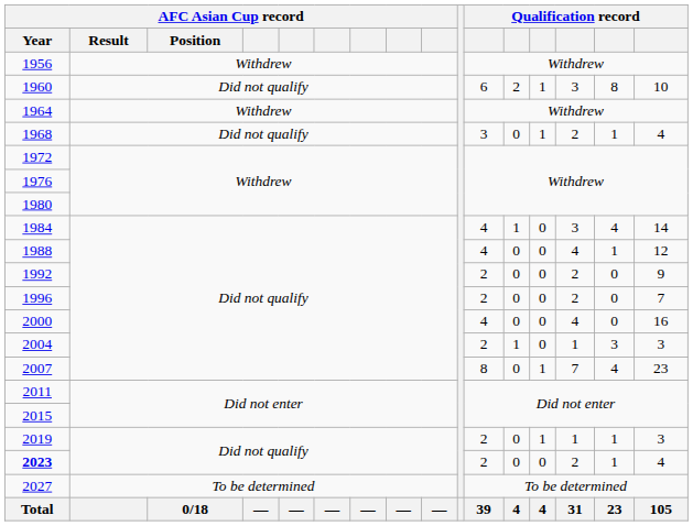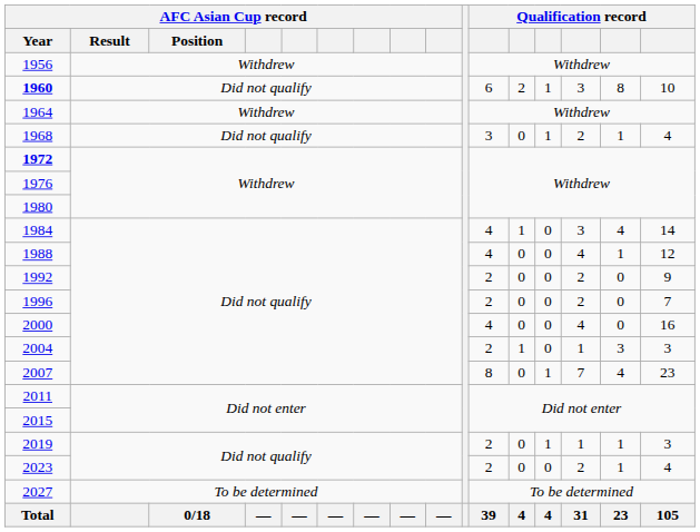 <table class="wikitable" style="text-align: center">
 <tr>
 <th colspan="9"><a href='#'>AFC Asian Cup</a> record</th>
 <th rowspan="21" style="width:1%;"></th>
 <th colspan="6"><a href='#'>Qualification</a> record</th>
 </tr>
 <tr>
 <th>Year</th>
 <th>Result</th>
 <th>Position</th>
 <th></th>
 <th></th>
 <th></th>
 <th></th>
 <th></th>
 <th></th>
 <th></th>
 <th></th>
 <th></th>
 <th></th>
 <th></th>
 <th></th>
 </tr>
 <tr>
 <td> <a href='#'>1956</a></td>
 <td colspan="8"><em>Withdrew</em></td>
 <td colspan="6"><em>Withdrew</em></td>
 </tr>
 <tr>
-<td> <a href='#'>1960</a></td>
+<td><strong> <a href='#'>1960</a></strong></td>
 <td colspan="8"><em>Did not qualify</em></td>
 <td>6</td>
 <td>2</td>
 <td>1</td>
 <td>3</td>
 <td>8</td>
 <td>10</td>
 </tr>
 <tr>
 <td> <a href='#'>1964</a></td>
 <td colspan="8"><em>Withdrew</em></td>
 <td colspan="6"><em>Withdrew</em></td>
 </tr>
 <tr>
 <td> <a href='#'>1968</a></td>
 <td colspan="8"><em>Did not qualify</em></td>
 <td>3</td>
 <td>0</td>
 <td>1</td>
 <td>2</td>
 <td>1</td>
 <td>4</td>
 </tr>
 <tr>
-<td> <a href='#'>1972</a></td>
+<td><strong> <a href='#'>1972</a></strong></td>
 <td colspan="8" rowspan="3"><em>Withdrew</em></td>
 <td colspan="6" rowspan="3"><em>Withdrew</em></td>
 </tr>
 <tr>
 <td> <a href='#'>1976</a></td>
 </tr>
 <tr>
 <td> <a href='#'>1980</a></td>
 </tr>
 <tr>
 <td> <a href='#'>1984</a></td>
 <td colspan="8" rowspan="7"><em>Did not qualify</em></td>
 <td>4</td>
 <td>1</td>
 <td>0</td>
 <td>3</td>
 <td>4</td>
 <td>14</td>
 </tr>
 <tr>
 <td> <a href='#'>1988</a></td>
 <td>4</td>
 <td>0</td>
 <td>0</td>
 <td>4</td>
 <td>1</td>
 <td>12</td>
 </tr>
 <tr>
 <td> <a href='#'>1992</a></td>
 <td>2</td>
 <td>0</td>
 <td>0</td>
 <td>2</td>
 <td>0</td>
 <td>9</td>
 </tr>
 <tr>
 <td> <a href='#'>1996</a></td>
 <td>2</td>
 <td>0</td>
 <td>0</td>
 <td>2</td>
 <td>0</td>
 <td>7</td>
 </tr>
 <tr>
 <td> <a href='#'>2000</a></td>
 <td>4</td>
 <td>0</td>
 <td>0</td>
 <td>4</td>
 <td>0</td>
 <td>16</td>
 </tr>
 <tr>
 <td> <a href='#'>2004</a></td>
 <td>2</td>
 <td>1</td>
 <td>0</td>
 <td>1</td>
 <td>3</td>
 <td>3</td>
 </tr>
 <tr>
 <td>    <a href='#'>2007</a></td>
 <td>8</td>
 <td>0</td>
 <td>1</td>
 <td>7</td>
 <td>4</td>
 <td>23</td>
 </tr>
 <tr>
 <td> <a href='#'>2011</a></td>
 <td colspan="8" rowspan="2"><em>Did not enter</em></td>
 <td colspan="6" rowspan="2"><em>Did not enter</em></td>
 </tr>
 <tr>
 <td> <a href='#'>2015</a></td>
 </tr>
 <tr>
 <td> <a href='#'>2019</a></td>
 <td colspan="8" rowspan="2"><em>Did not qualify</em></td>
 <td>2</td>
 <td>0</td>
 <td>1</td>
 <td>1</td>
 <td>1</td>
 <td>3</td>
 </tr>
 <tr>
-<td><strong> <a href='#'>2023</a></strong></td>
+<td> <a href='#'>2023</a></td>
 <td>2</td>
 <td>0</td>
 <td>0</td>
 <td>2</td>
 <td>1</td>
 <td>4</td>
 </tr>
 <tr>
 <td> <a href='#'>2027</a></td>
 <td colspan="8"><em>To be determined</em></td>
 <td colspan="6"><em>To be determined</em></td>
 </tr>
 <tr>
 <th>Total</th>
 <th></th>
 <th>0/18</th>
 <th>—</th>
 <th>—</th>
 <th>—</th>
 <th>—</th>
 <th>—</th>
 <th>—</th>
 <th></th>
 <th>39</th>
 <th>4</th>
 <th>4</th>
 <th>31</th>
 <th>23</th>
 <th>105</th>
 </tr>
 </table>
